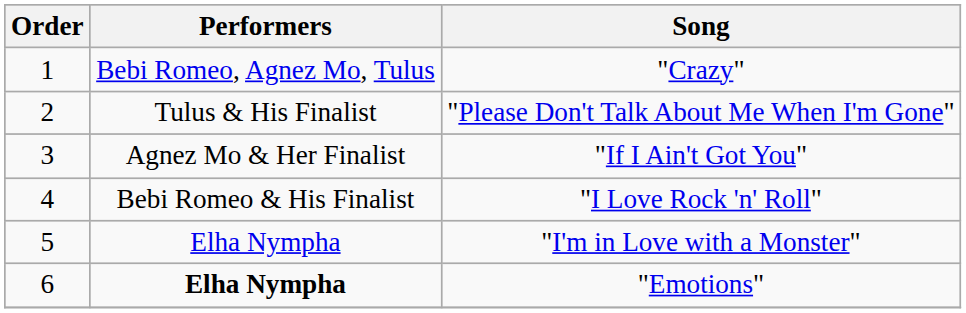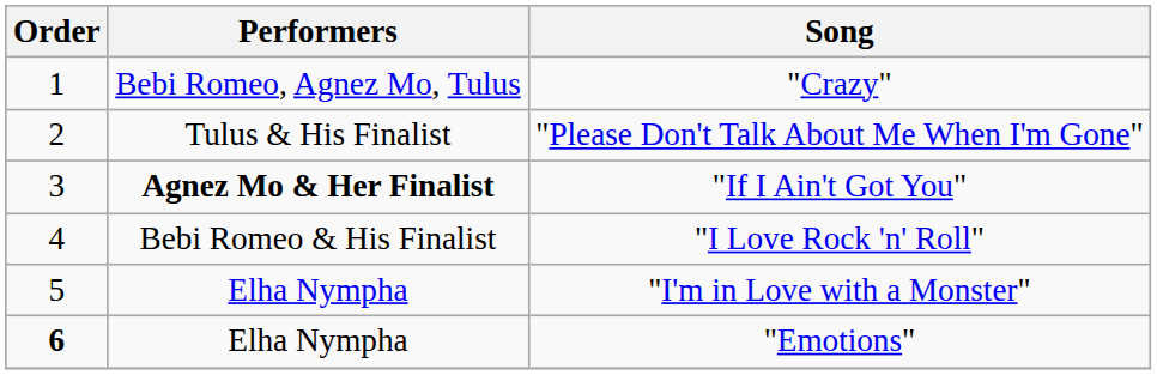 <table class="wikitable" style="text-align:center;">
 <tr>
 <th>Order</th>
 <th>Performers</th>
 <th>Song</th>
 </tr>
 <tr>
 <td>1</td>
 <td><a href='#'>Bebi Romeo</a>, <a href='#'>Agnez Mo</a>, <a href='#'>Tulus</a></td>
 <td>"<a href='#'>Crazy</a>"</td>
 </tr>
 <tr>
 <td>2</td>
 <td>Tulus & His Finalist <br></td>
 <td>"<a href='#'>Please Don't Talk About Me When I'm Gone</a>"</td>
 </tr>
 <tr>
 <td>3</td>
-<td>Agnez Mo & Her Finalist <br></td>
+<td><strong>Agnez Mo & Her Finalist <br></strong></td>
 <td>"<a href='#'>If I Ain't Got You</a>"</td>
 </tr>
 <tr>
 <td>4</td>
 <td>Bebi Romeo & His Finalist <br></td>
 <td>"<a href='#'>I Love Rock 'n' Roll</a>"</td>
 </tr>
 <tr>
 <td>5</td>
 <td><a href='#'>Elha Nympha</a> <br></td>
 <td>"<a href='#'>I'm in Love with a Monster</a>"</td>
 </tr>
 <tr>
-<td>6</td>
-<td><strong>Elha Nympha</strong></td>
+<td><strong>6</strong></td>
+<td>Elha Nympha</td>
 <td>"<a href='#'>Emotions</a>"</td>
 </tr>
 <tr>
 </tr>
 </table>
